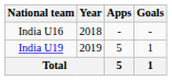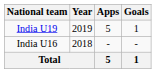 <table class="wikitable" style="text-align:center">
 <tr>
 <th>National team</th>
 <th>Year</th>
 <th>Apps</th>
 <th>Goals</th>
 </tr>
 <tr>
+<td><a href='#'>India U19</a></td>
+<td>2019</td>
+<td>5</td>
+<td>1</td>
+</tr>
+<tr>
 <td>India U16</td>
 <td>2018</td>
 <td>-</td>
 <td>-</td>
-</tr>
-<tr>
-<td><a href='#'>India U19</a></td>
-<td>2019</td>
-<td>5</td>
-<td>1</td>
 </tr>
 <tr>
 <th colspan="2">Total</th>
 <th>5</th>
 <th>1</th>
 </tr>
 </table>
